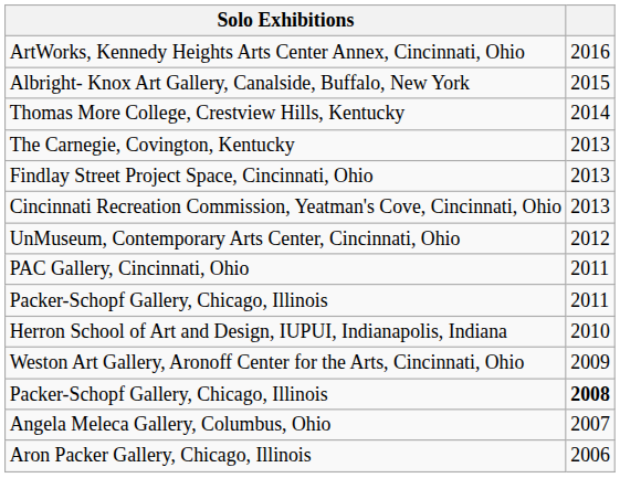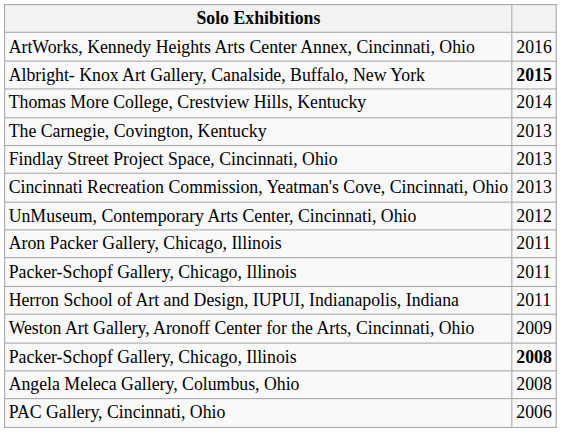 <table class="wikitable">
 <tr>
 <th>Solo Exhibitions</th>
 <th></th>
 </tr>
 <tr>
 <td>ArtWorks, Kennedy Heights Arts Center Annex, Cincinnati, Ohio</td>
 <td>2016</td>
 </tr>
 <tr>
 <td>Albright- Knox Art Gallery, Canalside, Buffalo, New York</td>
-<td>2015</td>
+<td><strong>2015</strong></td>
 </tr>
 <tr>
 <td>Thomas More College, Crestview Hills, Kentucky</td>
 <td>2014</td>
 </tr>
 <tr>
 <td>The Carnegie, Covington, Kentucky</td>
 <td>2013</td>
 </tr>
 <tr>
 <td>Findlay Street Project Space, Cincinnati, Ohio</td>
 <td>2013</td>
 </tr>
 <tr>
 <td>Cincinnati Recreation Commission, Yeatman's Cove, Cincinnati, Ohio</td>
 <td>2013</td>
 </tr>
 <tr>
 <td>UnMuseum, Contemporary Arts Center, Cincinnati, Ohio</td>
 <td>2012</td>
 </tr>
 <tr>
-<td>PAC Gallery, Cincinnati, Ohio</td>
+<td>Aron Packer Gallery, Chicago, Illinois</td>
 <td>2011</td>
 </tr>
 <tr>
 <td>Packer-Schopf Gallery, Chicago, Illinois</td>
 <td>2011</td>
 </tr>
 <tr>
 <td>Herron School of Art and Design, IUPUI, Indianapolis, Indiana</td>
-<td>2010</td>
+<td>2011</td>
 </tr>
 <tr>
 <td>Weston Art Gallery, Aronoff Center for the Arts, Cincinnati, Ohio</td>
 <td>2009</td>
 </tr>
 <tr>
 <td>Packer-Schopf Gallery, Chicago, Illinois</td>
 <td><strong>2008</strong></td>
 </tr>
 <tr>
 <td>Angela Meleca Gallery, Columbus, Ohio</td>
-<td>2007</td>
+<td>2008</td>
 </tr>
 <tr>
-<td>Aron Packer Gallery, Chicago, Illinois</td>
+<td>PAC Gallery, Cincinnati, Ohio</td>
 <td>2006</td>
 </tr>
 </table>
